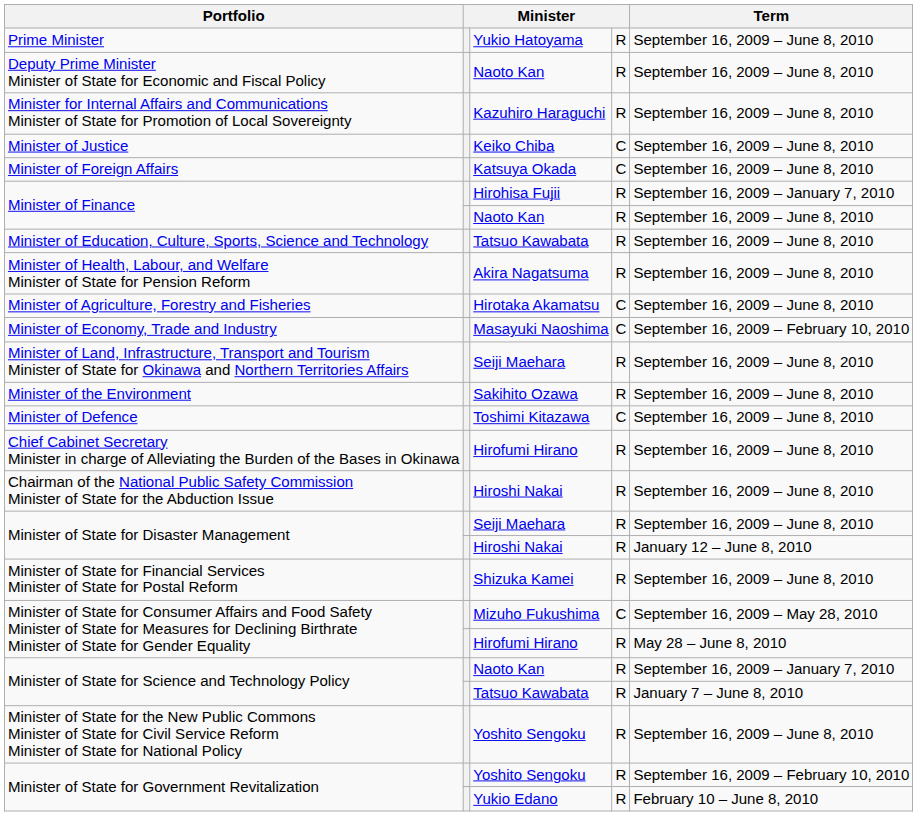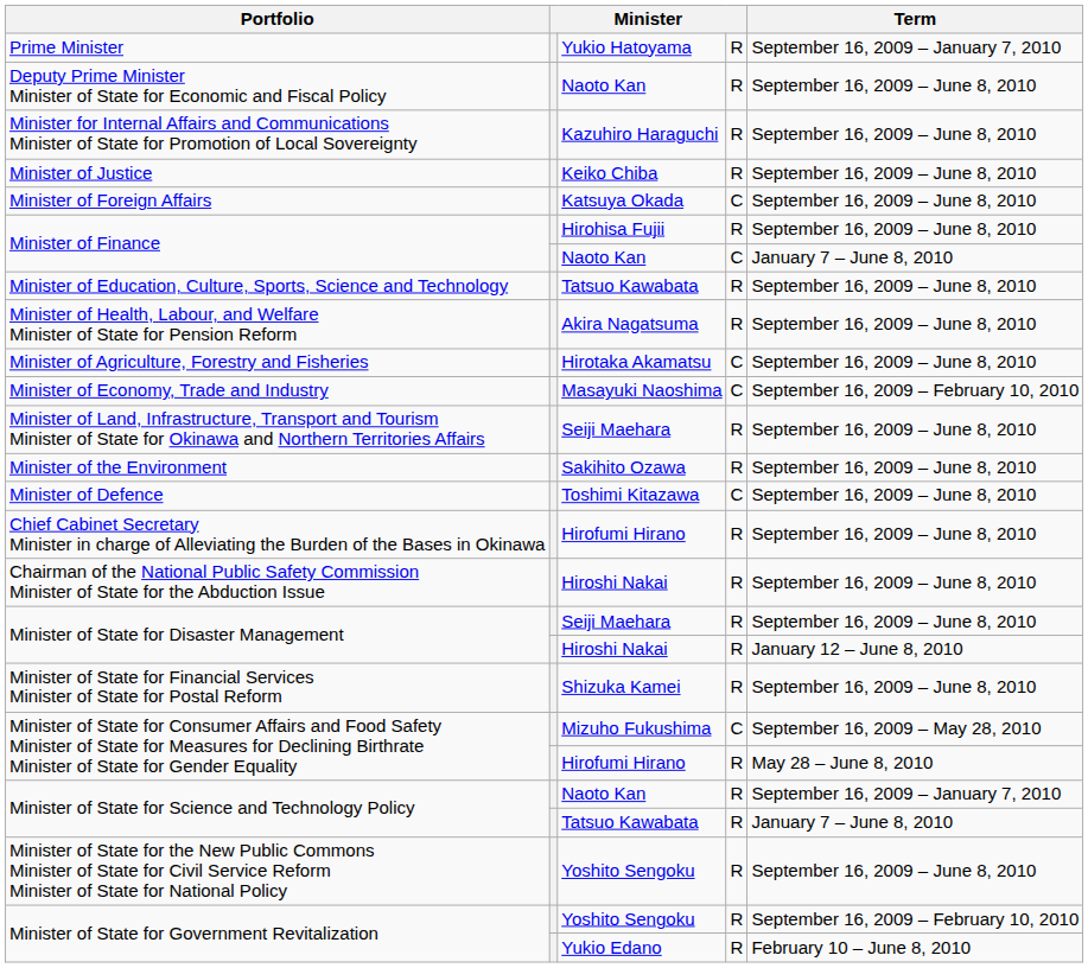 <table class="wikitable">
 <tr>
 <th>Portfolio</th>
 <th colspan=3>Minister</th>
 <th colspan=2>Term</th>
 </tr>
 <tr>
 <td><a href='#'>Prime Minister</a></td>
 <th style="color:inherit;background-color: "></th>
 <td><a href='#'>Yukio Hatoyama</a></td>
 <td>R</td>
-<td>September 16, 2009 – June 8, 2010</td>
+<td>September 16, 2009 – January 7, 2010</td>
 </tr>
 <tr>
 <td><a href='#'>Deputy Prime Minister</a> <br>Minister of State for Economic and Fiscal Policy</td>
 <th style="color:inherit;background-color: "></th>
 <td><a href='#'>Naoto Kan</a></td>
 <td>R</td>
 <td>September 16, 2009 – June 8, 2010</td>
 </tr>
 <tr>
 <td><a href='#'>Minister for Internal Affairs and Communications</a> <br>Minister of State for Promotion of Local Sovereignty</td>
 <th style="color:inherit;background-color: "></th>
 <td><a href='#'>Kazuhiro Haraguchi</a></td>
 <td>R</td>
 <td>September 16, 2009 – June 8, 2010</td>
 </tr>
 <tr>
 <td><a href='#'>Minister of Justice</a></td>
 <th style="color:inherit;background-color: "></th>
 <td><a href='#'>Keiko Chiba</a></td>
-<td>C</td>
+<td>R</td>
 <td>September 16, 2009 – June 8, 2010</td>
 </tr>
 <tr>
 <td><a href='#'>Minister of Foreign Affairs</a></td>
 <th style="color:inherit;background-color: "></th>
 <td><a href='#'>Katsuya Okada</a></td>
 <td>C</td>
 <td>September 16, 2009 – June 8, 2010</td>
 </tr>
 <tr>
 <td rowspan="2"><a href='#'>Minister of Finance</a></td>
 <th style="color:inherit;background-color: "></th>
 <td><a href='#'>Hirohisa Fujii</a></td>
 <td>R</td>
-<td>September 16, 2009 – January 7, 2010</td>
+<td>September 16, 2009 – June 8, 2010</td>
 </tr>
 <tr>
 <th style="color:inherit;background-color: "></th>
 <td><a href='#'>Naoto Kan</a></td>
-<td>R</td>
-<td>September 16, 2009 – June 8, 2010</td>
+<td>C</td>
+<td>January 7 – June 8, 2010</td>
 </tr>
 <tr>
 <td><a href='#'>Minister of Education, Culture, Sports, Science and Technology</a></td>
 <th style="color:inherit;background-color: "></th>
 <td><a href='#'>Tatsuo Kawabata</a></td>
 <td>R</td>
 <td>September 16, 2009 – June 8, 2010</td>
 </tr>
 <tr>
 <td><a href='#'>Minister of Health, Labour, and Welfare</a> <br> Minister of State for Pension Reform</td>
 <th style="color:inherit;background-color: "></th>
 <td><a href='#'>Akira Nagatsuma</a></td>
 <td>R</td>
 <td>September 16, 2009 – June 8, 2010</td>
 </tr>
 <tr>
 <td><a href='#'>Minister of Agriculture, Forestry and Fisheries</a></td>
 <th style="color:inherit;background-color: "></th>
 <td><a href='#'>Hirotaka Akamatsu</a></td>
 <td>C</td>
 <td>September 16, 2009 – June 8, 2010</td>
 </tr>
 <tr>
 <td><a href='#'>Minister of Economy, Trade and Industry</a></td>
 <th style="color:inherit;background-color: "></th>
 <td><a href='#'>Masayuki Naoshima</a></td>
 <td>C</td>
 <td>September 16, 2009 – February 10, 2010</td>
 </tr>
 <tr>
 <td><a href='#'>Minister of Land, Infrastructure, Transport and Tourism</a> <br> Minister of State for <a href='#'>Okinawa</a> and <a href='#'>Northern Territories Affairs</a></td>
 <th style="color:inherit;background-color: "></th>
 <td><a href='#'>Seiji Maehara</a></td>
 <td>R</td>
 <td>September 16, 2009 – June 8, 2010</td>
 </tr>
 <tr>
 <td><a href='#'>Minister of the Environment</a></td>
 <th style="color:inherit;background-color: "></th>
 <td><a href='#'>Sakihito Ozawa</a></td>
 <td>R</td>
 <td>September 16, 2009 – June 8, 2010</td>
 </tr>
 <tr>
 <td><a href='#'>Minister of Defence</a></td>
 <th style="color:inherit;background-color: "></th>
 <td><a href='#'>Toshimi Kitazawa</a></td>
 <td>C</td>
 <td>September 16, 2009 – June 8, 2010</td>
 </tr>
 <tr>
 <td><a href='#'>Chief Cabinet Secretary</a> <br>  Minister in charge of Alleviating the Burden of the Bases in Okinawa</td>
 <th style="color:inherit;background-color: "></th>
 <td><a href='#'>Hirofumi Hirano</a></td>
 <td>R</td>
 <td>September 16, 2009 – June 8, 2010</td>
 </tr>
 <tr>
 <td>Chairman of the <a href='#'>National Public Safety Commission</a> <br> Minister of State for the Abduction Issue</td>
 <th style="color:inherit;background-color: "></th>
 <td><a href='#'>Hiroshi Nakai</a></td>
 <td>R</td>
 <td>September 16, 2009 – June 8, 2010</td>
 </tr>
 <tr>
 <td rowspan="2">Minister of State for Disaster Management</td>
 <th style="color:inherit;background-color: "></th>
 <td><a href='#'>Seiji Maehara</a></td>
 <td>R</td>
 <td>September 16, 2009 – June 8, 2010</td>
 </tr>
 <tr>
 <th style="color:inherit;background-color: "></th>
 <td><a href='#'>Hiroshi Nakai</a></td>
 <td>R</td>
 <td>January 12 – June 8, 2010</td>
 </tr>
 <tr>
 <td>Minister of State for Financial Services <br> Minister of State for Postal Reform</td>
 <th style="color:inherit;background-color: "></th>
 <td><a href='#'>Shizuka Kamei</a></td>
 <td>R</td>
 <td>September 16, 2009 – June 8, 2010</td>
 </tr>
 <tr>
 <td rowspan="2">Minister of State for Consumer Affairs and Food Safety <br> Minister of State for Measures for Declining Birthrate <br> Minister of State for Gender Equality</td>
 <th style="color:inherit;background-color: "></th>
 <td><a href='#'>Mizuho Fukushima</a></td>
 <td>C</td>
 <td>September 16, 2009 – May 28, 2010</td>
 </tr>
 <tr>
 <th style="color:inherit;background-color: "></th>
 <td><a href='#'>Hirofumi Hirano</a></td>
 <td>R</td>
 <td>May 28 – June 8, 2010</td>
 </tr>
 <tr>
 <td rowspan="2">Minister of State for Science and Technology Policy</td>
 <th style="color:inherit;background-color: "></th>
 <td><a href='#'>Naoto Kan</a></td>
 <td>R</td>
 <td>September 16, 2009 – January 7, 2010</td>
 </tr>
 <tr>
 <th style="color:inherit;background-color: "></th>
 <td><a href='#'>Tatsuo Kawabata</a></td>
 <td>R</td>
 <td>January 7 – June 8, 2010</td>
 </tr>
 <tr>
 <td>Minister of State for the New Public Commons <br> Minister of State for Civil Service Reform <br> Minister of State for National Policy</td>
 <th style="color:inherit;background-color: "></th>
 <td><a href='#'>Yoshito Sengoku</a></td>
 <td>R</td>
 <td>September 16, 2009 – June 8, 2010</td>
 </tr>
 <tr>
 <td rowspan="2">Minister of State for Government Revitalization</td>
 <th style="color:inherit;background-color: "></th>
 <td><a href='#'>Yoshito Sengoku</a></td>
 <td>R</td>
 <td>September 16, 2009 – February 10, 2010</td>
 </tr>
 <tr>
 <th style="color:inherit;background-color: "></th>
 <td><a href='#'>Yukio Edano</a></td>
 <td>R</td>
 <td>February 10 – June 8, 2010</td>
 </tr>
 </table>
